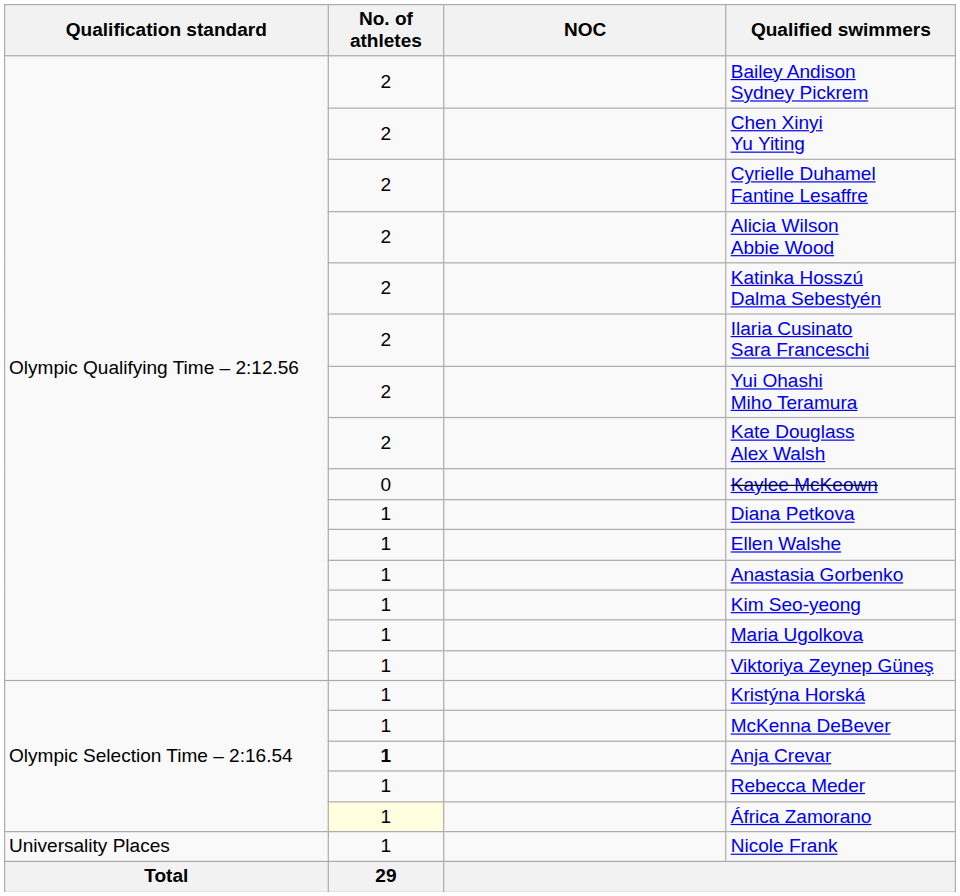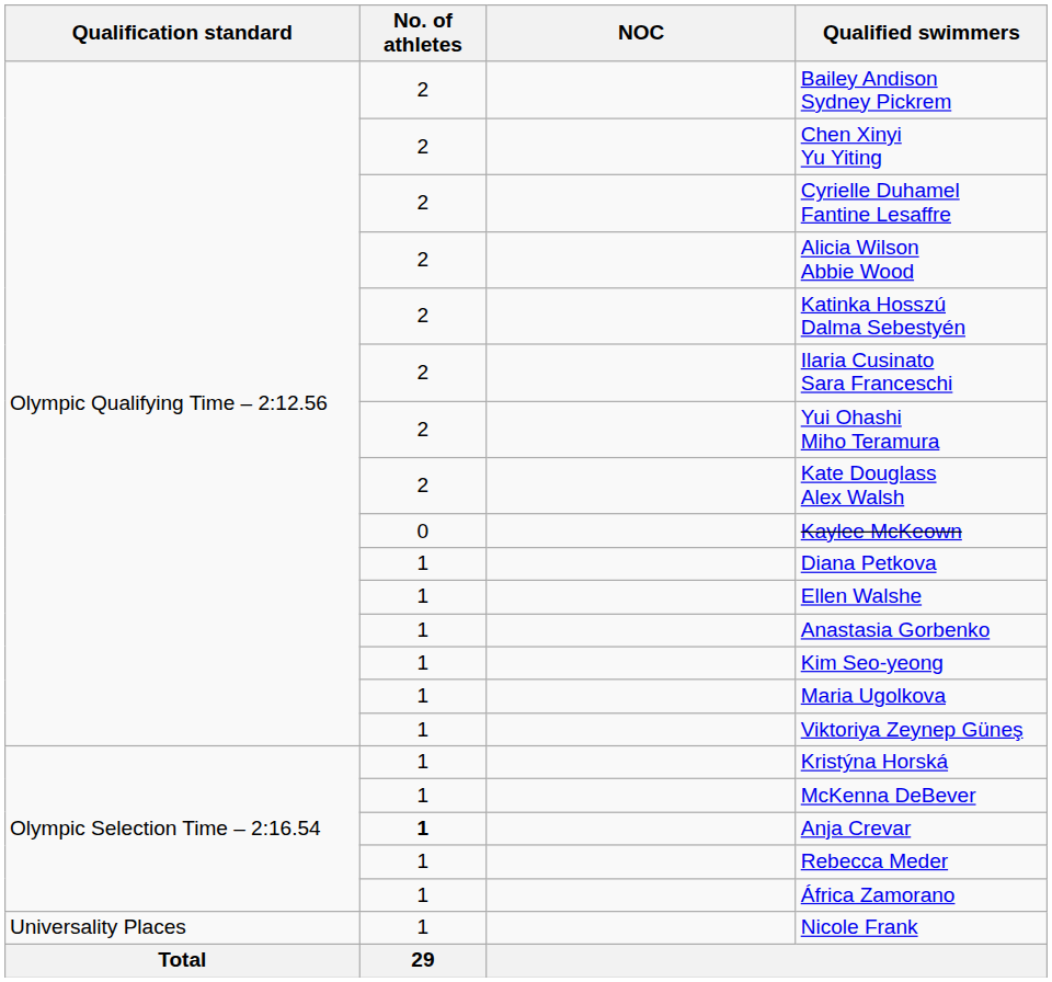 <table class=wikitable style="text-align:left" width=800>
 <tr>
 <th>Qualification standard</th>
 <th width=90>No. of athletes</th>
 <th width=230>NOC</th>
 <th>Qualified swimmers</th>
 </tr>
 <tr>
 <td rowspan=15>Olympic Qualifying Time – 2:12.56</td>
 <td align=center>2</td>
 <td></td>
 <td><a href='#'>Bailey Andison</a><br><a href='#'>Sydney Pickrem</a></td>
 </tr>
 <tr>
 <td align=center>2</td>
 <td></td>
 <td><a href='#'>Chen Xinyi </a><br><a href='#'>Yu Yiting</a></td>
 </tr>
 <tr>
 <td align=center>2</td>
 <td></td>
 <td><a href='#'>Cyrielle Duhamel</a><br><a href='#'>Fantine Lesaffre</a></td>
 </tr>
 <tr>
 <td align=center>2</td>
 <td></td>
 <td><a href='#'>Alicia Wilson</a><br><a href='#'>Abbie Wood</a></td>
 </tr>
 <tr>
 <td align=center>2</td>
 <td></td>
 <td><a href='#'>Katinka Hosszú</a><br><a href='#'>Dalma Sebestyén</a></td>
 </tr>
 <tr>
 <td align=center>2</td>
 <td></td>
 <td><a href='#'>Ilaria Cusinato</a><br><a href='#'>Sara Franceschi</a></td>
 </tr>
 <tr>
 <td align=center>2</td>
 <td></td>
 <td><a href='#'>Yui Ohashi</a><br><a href='#'>Miho Teramura</a></td>
 </tr>
 <tr>
 <td align=center>2</td>
 <td></td>
 <td><a href='#'>Kate Douglass</a><br><a href='#'>Alex Walsh</a></td>
 </tr>
 <tr>
 <td align=center>0</td>
 <td><s></s></td>
 <td><s><a href='#'>Kaylee McKeown</a></s></td>
 </tr>
 <tr>
 <td align=center>1</td>
 <td></td>
 <td><a href='#'>Diana Petkova</a></td>
 </tr>
 <tr>
 <td align=center>1</td>
 <td></td>
 <td><a href='#'>Ellen Walshe</a></td>
 </tr>
 <tr>
 <td align=center>1</td>
 <td></td>
 <td><a href='#'>Anastasia Gorbenko</a></td>
 </tr>
 <tr>
 <td align=center>1</td>
 <td></td>
 <td><a href='#'>Kim Seo-yeong</a></td>
 </tr>
 <tr>
 <td align=center>1</td>
 <td></td>
 <td><a href='#'>Maria Ugolkova</a></td>
 </tr>
 <tr>
 <td align=center>1</td>
 <td></td>
 <td><a href='#'>Viktoriya Zeynep Güneş</a></td>
 </tr>
 <tr>
 <td rowspan=5>Olympic Selection Time – 2:16.54</td>
 <td align=center>1</td>
 <td></td>
 <td><a href='#'>Kristýna Horská</a></td>
 </tr>
 <tr>
 <td align=center>1</td>
 <td></td>
 <td><a href='#'>McKenna DeBever</a></td>
 </tr>
 <tr>
 <td align=center><strong>1</strong></td>
 <td></td>
 <td><a href='#'>Anja Crevar</a></td>
 </tr>
 <tr>
 <td align=center>1</td>
 <td></td>
 <td><a href='#'>Rebecca Meder</a></td>
 </tr>
 <tr>
-<td align=center style="background: lightyellow;">1</td>
+<td align=center>1</td>
 <td></td>
 <td><a href='#'>África Zamorano</a></td>
 </tr>
 <tr>
 <td>Universality Places</td>
 <td align=center>1</td>
 <td></td>
 <td><a href='#'>Nicole Frank</a></td>
 </tr>
 <tr>
 <th><strong>Total</strong></th>
 <th>29</th>
 <th colspan=2></th>
 </tr>
 </table>
